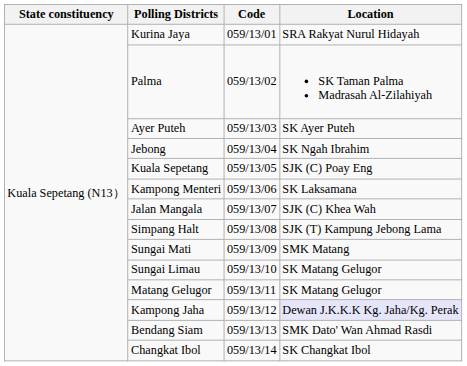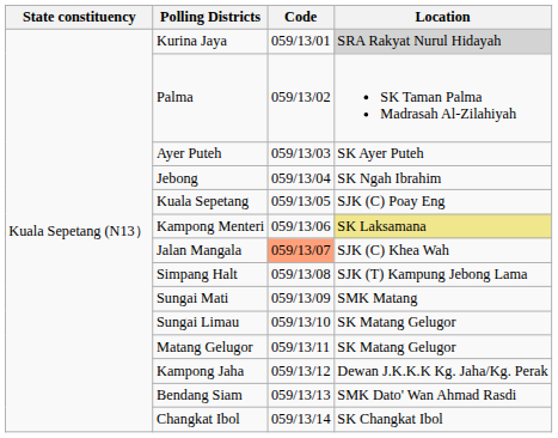 <table class="wikitable sortable mw-collapsible" style="white-space:nowrap;font-size:85%">
 <tr>
 <th>State constituency</th>
 <th>Polling Districts</th>
 <th>Code</th>
 <th>Location</th>
 </tr>
 <tr>
 <td rowspan="14">Kuala Sepetang (N13）</td>
 <td>Kurina Jaya</td>
 <td>059/13/01</td>
-<td>SRA Rakyat Nurul Hidayah</td>
+<td style="background: lightgrey;">SRA Rakyat Nurul Hidayah</td>
 </tr>
 <tr>
 <td>Palma</td>
 <td>059/13/02</td>
 <td><br><ul><li>SK Taman Palma</li><li>Madrasah Al-Zilahiyah</li></ul></td>
 </tr>
 <tr>
 <td>Ayer Puteh</td>
 <td>059/13/03</td>
 <td>SK Ayer Puteh</td>
 </tr>
 <tr>
 <td>Jebong</td>
 <td>059/13/04</td>
 <td>SK Ngah Ibrahim</td>
 </tr>
 <tr>
 <td>Kuala Sepetang</td>
 <td>059/13/05</td>
 <td>SJK (C) Poay Eng</td>
 </tr>
 <tr>
 <td>Kampong Menteri</td>
 <td>059/13/06</td>
-<td>SK Laksamana</td>
+<td style="background: khaki;">SK Laksamana</td>
 </tr>
 <tr>
 <td>Jalan Mangala</td>
-<td>059/13/07</td>
+<td style="background: lightsalmon;">059/13/07</td>
 <td>SJK (C) Khea Wah</td>
 </tr>
 <tr>
 <td>Simpang Halt</td>
 <td>059/13/08</td>
 <td>SJK (T) Kampung Jebong Lama</td>
 </tr>
 <tr>
 <td>Sungai Mati</td>
 <td>059/13/09</td>
 <td>SMK Matang</td>
 </tr>
 <tr>
 <td>Sungai Limau</td>
 <td>059/13/10</td>
 <td>SK Matang Gelugor</td>
 </tr>
 <tr>
 <td>Matang Gelugor</td>
 <td>059/13/11</td>
 <td>SK Matang Gelugor</td>
 </tr>
 <tr>
 <td>Kampong Jaha</td>
 <td>059/13/12</td>
-<td style="background: lavender;">Dewan J.K.K.K Kg. Jaha/Kg. Perak</td>
+<td>Dewan J.K.K.K Kg. Jaha/Kg. Perak</td>
 </tr>
 <tr>
 <td>Bendang Siam</td>
 <td>059/13/13</td>
 <td>SMK Dato' Wan Ahmad Rasdi</td>
 </tr>
 <tr>
 <td>Changkat Ibol</td>
 <td>059/13/14</td>
 <td>SK Changkat Ibol</td>
 </tr>
 </table>
